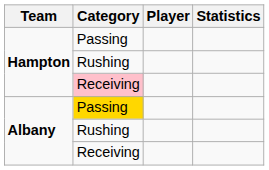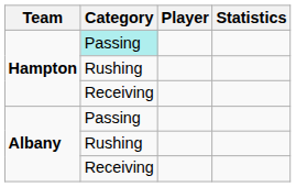 <table class="wikitable" style="float: right;">
 <tr>
 <th>Team</th>
 <th>Category</th>
 <th>Player</th>
 <th>Statistics</th>
 </tr>
 <tr>
 <td rowspan=3><strong>Hampton</strong></td>
-<td>Passing</td>
+<td style="background: paleturquoise;">Passing</td>
 <td></td>
 <td></td>
 </tr>
 <tr>
 <td>Rushing</td>
 <td></td>
 <td></td>
 </tr>
 <tr>
-<td style="background: pink;">Receiving</td>
+<td>Receiving</td>
 <td></td>
 <td></td>
 </tr>
 <tr>
 <td rowspan=3><strong>Albany</strong></td>
-<td style="background: gold;">Passing</td>
+<td>Passing</td>
 <td></td>
 <td></td>
 </tr>
 <tr>
 <td>Rushing</td>
 <td></td>
 <td></td>
 </tr>
 <tr>
 <td>Receiving</td>
 <td></td>
 <td></td>
 </tr>
 </table>
